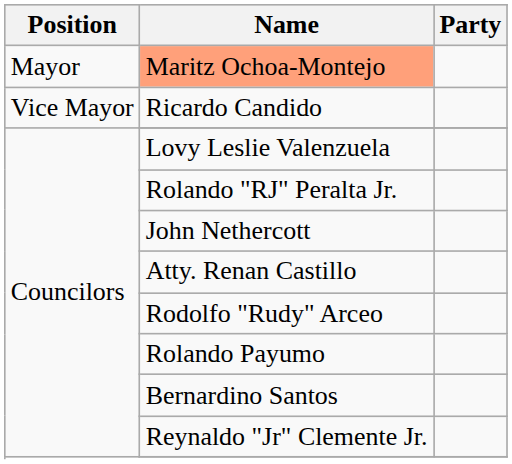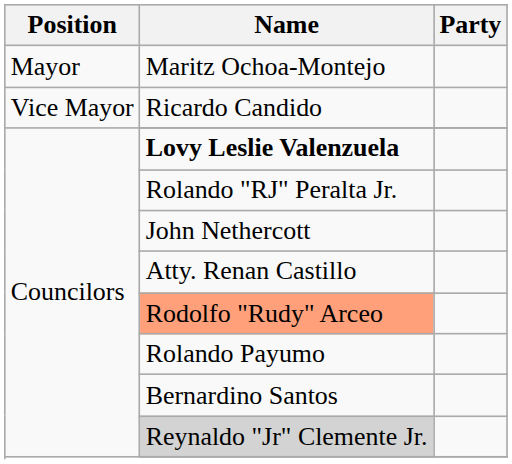 <table class=wikitable>
 <tr>
 <th>Position</th>
 <th>Name</th>
 <th colspan="2">Party</th>
 </tr>
 <tr>
 <td>Mayor</td>
-<td style="background: lightsalmon;">Maritz Ochoa-Montejo</td>
+<td>Maritz Ochoa-Montejo</td>
 <td></td>
 </tr>
 <tr>
 <td>Vice Mayor</td>
 <td>Ricardo Candido</td>
 <td></td>
 </tr>
 <tr>
 <td rowspan="10">Councilors</td>
 </tr>
 <tr>
-<td>Lovy Leslie Valenzuela</td>
+<td><strong>Lovy Leslie Valenzuela</strong></td>
 <td></td>
 </tr>
 <tr>
 <td>Rolando "RJ" Peralta Jr.</td>
 <td></td>
 </tr>
 <tr>
 <td>John Nethercott</td>
 <td></td>
 </tr>
 <tr>
 <td>Atty. Renan Castillo</td>
 <td></td>
 </tr>
 <tr>
-<td>Rodolfo "Rudy" Arceo</td>
+<td style="background: lightsalmon;">Rodolfo "Rudy" Arceo</td>
 <td></td>
 </tr>
 <tr>
 <td>Rolando Payumo</td>
 <td></td>
 </tr>
 <tr>
 <td>Bernardino Santos</td>
 <td></td>
 </tr>
 <tr>
-<td>Reynaldo "Jr" Clemente Jr.</td>
+<td style="background: lightgrey;">Reynaldo "Jr" Clemente Jr.</td>
 <td></td>
 </tr>
 <tr>
 </tr>
 </table>
